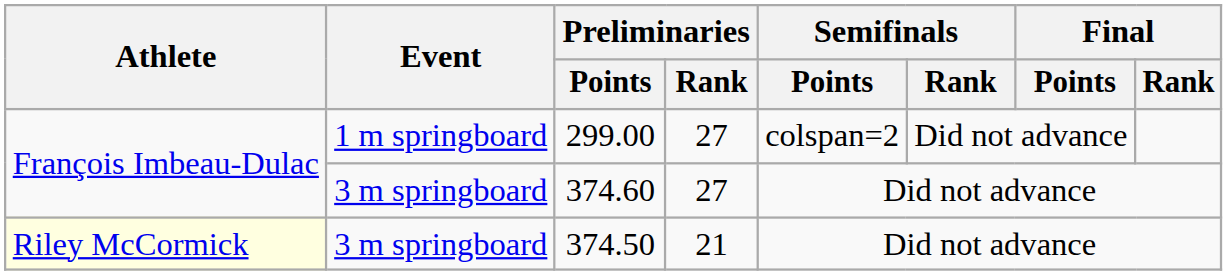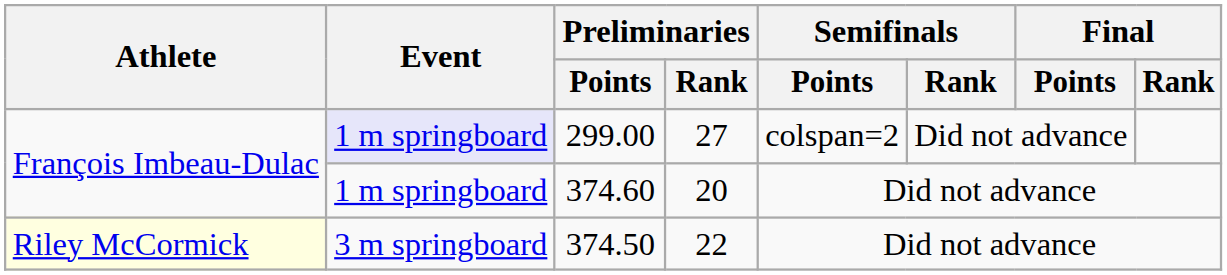 <table class=wikitable style="font-size:90%;">
 <tr>
 <th rowspan="2">Athlete</th>
 <th rowspan="2">Event</th>
 <th colspan="2">Preliminaries</th>
 <th colspan="2">Semifinals</th>
 <th colspan="2">Final</th>
 </tr>
 <tr style="font-size:95%">
 <th>Points</th>
 <th>Rank</th>
 <th>Points</th>
 <th>Rank</th>
 <th>Points</th>
 <th>Rank</th>
 </tr>
 <tr align=center>
 <td align=left rowspan=2><a href='#'>François Imbeau-Dulac</a></td>
-<td align=left><a href='#'>1 m springboard</a></td>
+<td align=left style="background: lavender;"><a href='#'>1 m springboard</a></td>
 <td>299.00</td>
 <td>27</td>
 <td>colspan=2 </td>
 <td colspan=2>Did not advance</td>
 </tr>
 <tr align=center>
-<td align=left><a href='#'>3 m springboard</a></td>
+<td align=left><a href='#'>1 m springboard</a></td>
 <td>374.60</td>
-<td>27</td>
+<td>20</td>
 <td colspan=4>Did not advance</td>
 </tr>
 <tr align=center>
 <td align=left style="background: lightyellow;"><a href='#'>Riley McCormick</a></td>
 <td align=left><a href='#'>3 m springboard</a></td>
 <td>374.50</td>
-<td>21</td>
+<td>22</td>
 <td colspan=4>Did not advance</td>
 </tr>
 </table>
